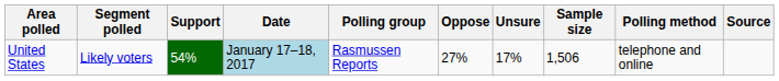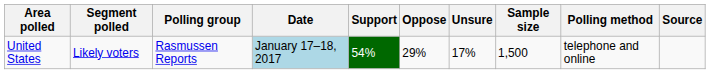 <table class="wikitable sortable" style="width: 75%;">
 <tr>
 <th>Area polled</th>
 <th>Segment polled</th>
+<th>Polling group</th>
+<th>Date</th>
 <th>Support</th>
-<th>Date</th>
-<th>Polling group</th>
 <th>Oppose</th>
 <th>Unsure</th>
 <th>Sample size</th>
 <th>Polling method</th>
 <th>Source</th>
 </tr>
 <tr>
 <td> <a href='#'>United States</a></td>
 <td><a href='#'>Likely voters</a></td>
+<td><a href='#'>Rasmussen Reports</a></td>
+<td style="background: lightblue;">January 17–18, 2017</td>
 <td style="background:#006800; color: white">54%</td>
-<td style="background: lightblue;">January 17–18, 2017</td>
-<td><a href='#'>Rasmussen Reports</a></td>
-<td>27%</td>
+<td>29%</td>
 <td>17%</td>
-<td>1,506</td>
+<td>1,500</td>
 <td>telephone and online</td>
 <td></td>
 </tr>
 </table>
